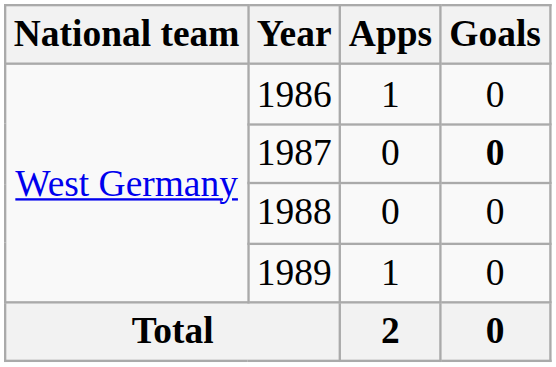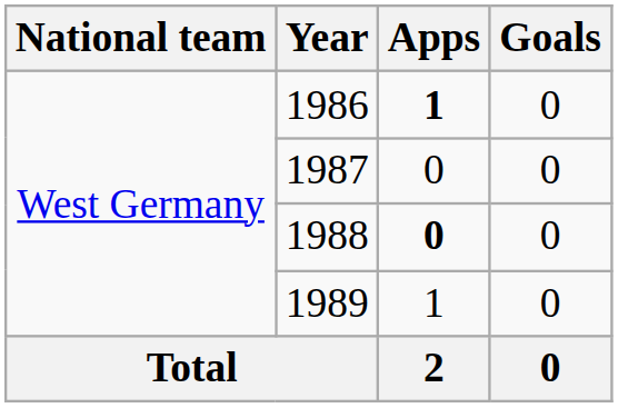 <table class=wikitable style=text-align:center>
 <tr>
 <th>National team</th>
 <th>Year</th>
 <th>Apps</th>
 <th>Goals</th>
 </tr>
 <tr>
 <td rowspan=4><a href='#'>West Germany</a></td>
 <td>1986</td>
-<td>1</td>
+<td><strong>1</strong></td>
 <td>0</td>
 </tr>
 <tr>
 <td>1987</td>
 <td>0</td>
-<td><strong>0</strong></td>
+<td>0</td>
 </tr>
 <tr>
 <td>1988</td>
-<td>0</td>
+<td><strong>0</strong></td>
 <td>0</td>
 </tr>
 <tr>
 <td>1989</td>
 <td>1</td>
 <td>0</td>
 </tr>
 <tr>
 <th colspan=2>Total</th>
 <th>2</th>
 <th>0</th>
 </tr>
 </table>
